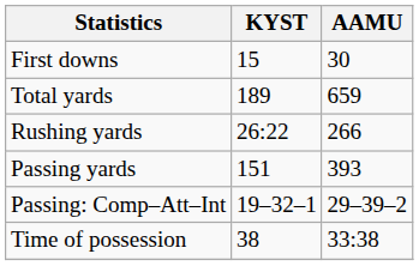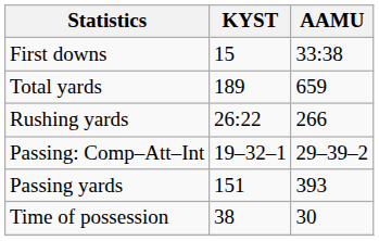 <table class="wikitable" style="float: left;">
 <tr>
 <th>Statistics</th>
 <th>KYST</th>
 <th>AAMU</th>
 </tr>
 <tr>
 <td>First downs</td>
 <td>15</td>
-<td>30</td>
+<td>33:38</td>
 </tr>
 <tr>
 <td>Total yards</td>
 <td>189</td>
 <td>659</td>
 </tr>
 <tr>
 <td>Rushing yards</td>
 <td>26:22</td>
 <td>266</td>
 </tr>
 <tr>
+<td>Passing: Comp–Att–Int</td>
+<td>19–32–1</td>
+<td>29–39–2</td>
+</tr>
+<tr>
 <td>Passing yards</td>
 <td>151</td>
 <td>393</td>
 </tr>
 <tr>
-<td>Passing: Comp–Att–Int</td>
-<td>19–32–1</td>
-<td>29–39–2</td>
-</tr>
-<tr>
 <td>Time of possession</td>
 <td>38</td>
-<td>33:38</td>
+<td>30</td>
 </tr>
 <tr>
 </tr>
 </table>
